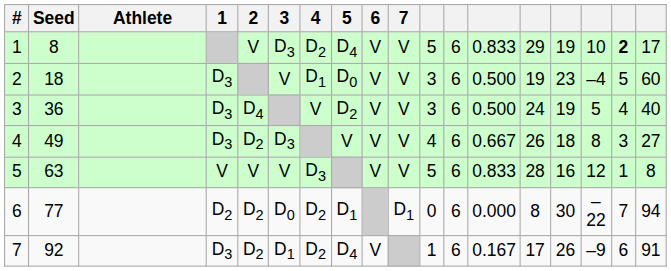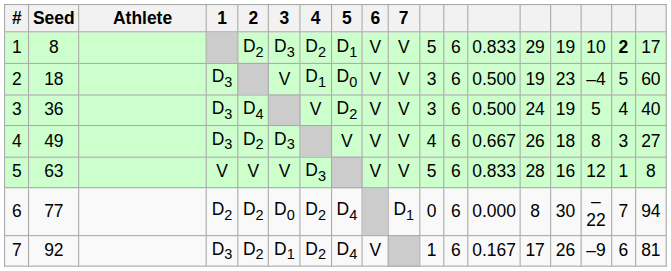 <table class="wikitable" style="text-align:center">
 <tr>
 <th width="25">#</th>
 <th width="25">Seed</th>
 <th width="200">Athlete</th>
 <th width="25">1</th>
 <th width="25">2</th>
 <th width="25">3</th>
 <th width="25">4</th>
 <th width="25">5</th>
 <th width="25">6</th>
 <th width="25">7</th>
 <th width="25"></th>
 <th width="25"></th>
 <th width="40"></th>
 <th width="25"></th>
 <th width="25"></th>
 <th width="25"></th>
 <th width="25"></th>
 <th width="25"></th>
 </tr>
 <tr bgcolor="ccffcc">
 <td>1</td>
 <td>8</td>
 <td align=left></td>
 <td bgcolor="#cccccc"></td>
-<td>V</td>
+<td>D<sub>2</sub></td>
 <td>D<sub>3</sub></td>
 <td>D<sub>2</sub></td>
-<td>D<sub>4</sub></td>
+<td>D<sub>1</sub></td>
 <td>V</td>
 <td>V</td>
 <td>5</td>
 <td>6</td>
 <td>0.833</td>
 <td>29</td>
 <td>19</td>
 <td>10</td>
 <td><strong>2</strong></td>
 <td>17</td>
 </tr>
 <tr bgcolor="ccffcc">
 <td>2</td>
 <td>18</td>
 <td align=left></td>
 <td>D<sub>3</sub></td>
 <td bgcolor="#cccccc"></td>
 <td>V</td>
 <td>D<sub>1</sub></td>
 <td>D<sub>0</sub></td>
 <td>V</td>
 <td>V</td>
 <td>3</td>
 <td>6</td>
 <td>0.500</td>
 <td>19</td>
 <td>23</td>
 <td>–4</td>
 <td>5</td>
 <td>60</td>
 </tr>
 <tr bgcolor="ccffcc">
 <td>3</td>
 <td>36</td>
 <td align=left></td>
 <td>D<sub>3</sub></td>
 <td>D<sub>4</sub></td>
 <td bgcolor="#cccccc"></td>
 <td>V</td>
 <td>D<sub>2</sub></td>
 <td>V</td>
 <td>V</td>
 <td>3</td>
 <td>6</td>
 <td>0.500</td>
 <td>24</td>
 <td>19</td>
 <td>5</td>
 <td>4</td>
 <td>40</td>
 </tr>
 <tr bgcolor="ccffcc">
 <td>4</td>
 <td>49</td>
 <td align=left></td>
 <td>D<sub>3</sub></td>
 <td>D<sub>2</sub></td>
 <td>D<sub>3</sub></td>
 <td bgcolor="#cccccc"></td>
 <td>V</td>
 <td>V</td>
 <td>V</td>
 <td>4</td>
 <td>6</td>
 <td>0.667</td>
 <td>26</td>
 <td>18</td>
 <td>8</td>
 <td>3</td>
 <td>27</td>
 </tr>
 <tr bgcolor="ccffcc">
 <td>5</td>
 <td>63</td>
 <td align=left></td>
 <td>V</td>
 <td>V</td>
 <td>V</td>
 <td>D<sub>3</sub></td>
 <td bgcolor="#cccccc"></td>
 <td>V</td>
 <td>V</td>
 <td>5</td>
 <td>6</td>
 <td>0.833</td>
 <td>28</td>
 <td>16</td>
 <td>12</td>
 <td>1</td>
 <td>8</td>
 </tr>
 <tr>
 <td>6</td>
 <td>77</td>
 <td align=left></td>
 <td>D<sub>2</sub></td>
 <td>D<sub>2</sub></td>
 <td>D<sub>0</sub></td>
 <td>D<sub>2</sub></td>
-<td>D<sub>1</sub></td>
+<td>D<sub>4</sub></td>
 <td bgcolor="#cccccc"></td>
 <td>D<sub>1</sub></td>
 <td>0</td>
 <td>6</td>
 <td>0.000</td>
 <td>8</td>
 <td>30</td>
 <td>–22</td>
 <td>7</td>
 <td>94</td>
 </tr>
 <tr>
 <td>7</td>
 <td>92</td>
 <td align=left></td>
 <td>D<sub>3</sub></td>
 <td>D<sub>2</sub></td>
 <td>D<sub>1</sub></td>
 <td>D<sub>2</sub></td>
 <td>D<sub>4</sub></td>
 <td>V</td>
 <td bgcolor="#cccccc"></td>
 <td>1</td>
 <td>6</td>
 <td>0.167</td>
 <td>17</td>
 <td>26</td>
 <td>–9</td>
 <td>6</td>
-<td>91</td>
+<td>81</td>
 </tr>
 </table>
